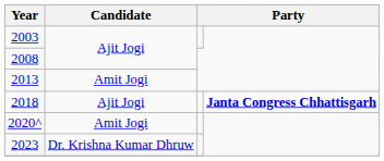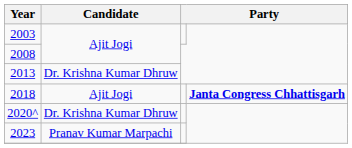 <table class="wikitable sortable" style="text-align:center;">
 <tr>
 <th>Year</th>
 <th>Candidate</th>
 <th colspan="3">Party</th>
 </tr>
 <tr>
 <td><a href='#'>2003</a></td>
 <td rowspan="2"><a href='#'>Ajit Jogi</a></td>
 <td></td>
 </tr>
 <tr>
 <td><a href='#'>2008</a></td>
 </tr>
 <tr>
 <td><a href='#'>2013</a></td>
-<td rowspan="1"><a href='#'>Amit Jogi</a></td>
+<td><a href='#'>Dr. Krishna Kumar Dhruw</a></td>
 </tr>
 <tr>
 <td><a href='#'>2018</a></td>
 <td><a href='#'>Ajit Jogi</a></td>
 <td></td>
 <td><strong><a href='#'>Janta Congress Chhattisgarh</a></strong></td>
 </tr>
 <tr>
 <td><a href='#'>2020^</a></td>
-<td rowspan="1"><a href='#'>Amit Jogi</a></td>
+<td><a href='#'>Dr. Krishna Kumar Dhruw</a></td>
 <td></td>
 </tr>
 <tr>
 <td><a href='#'>2023</a></td>
-<td><a href='#'>Dr. Krishna Kumar Dhruw</a></td>
+<td><a href='#'>Pranav Kumar Marpachi</a></td>
 <td></td>
 </tr>
 <tr>
 </tr>
 </table>
